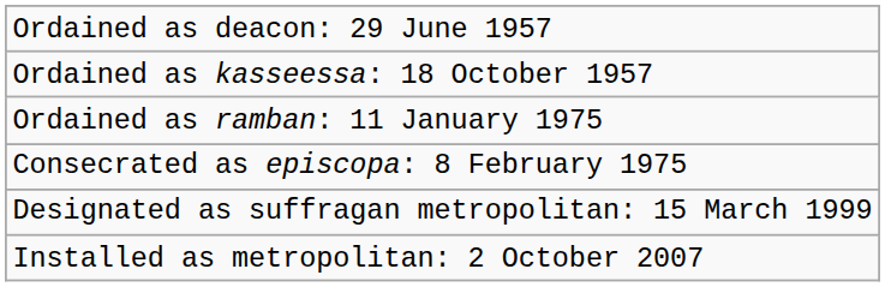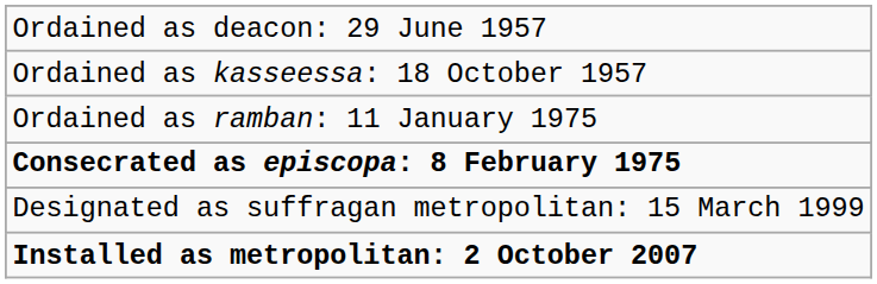 <table class="wikitable">
 <tr>
 <td>Ordained as deacon:  29 June 1957</td>
 </tr>
 <tr>
 <td>Ordained as <em>kasseessa</em>:  18 October 1957</td>
 </tr>
 <tr>
 <td>Ordained as <em>ramban</em>:  11 January 1975</td>
 </tr>
 <tr>
-<td>Consecrated as <em>episcopa</em>:  8 February 1975</td>
+<td><strong>Consecrated as <em>episcopa</em>:  8 February 1975</strong></td>
 </tr>
 <tr>
 <td>Designated as suffragan metropolitan:  15 March 1999</td>
 </tr>
 <tr>
-<td>Installed as metropolitan:  2 October 2007</td>
+<td><strong>Installed as metropolitan:  2 October 2007</strong></td>
 </tr>
 </table>
